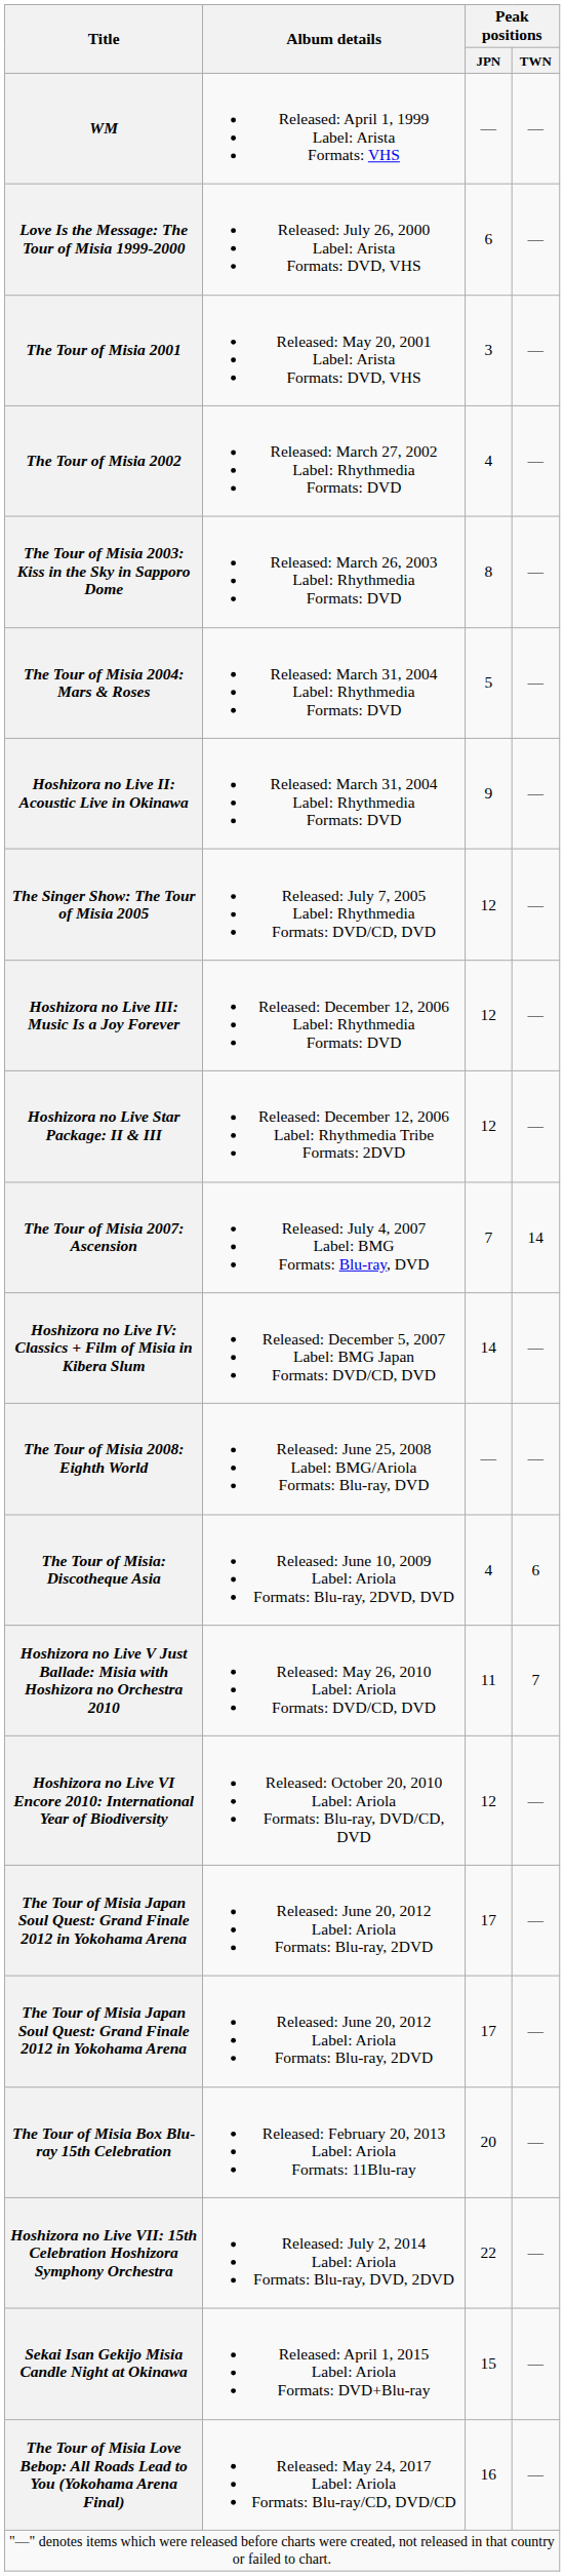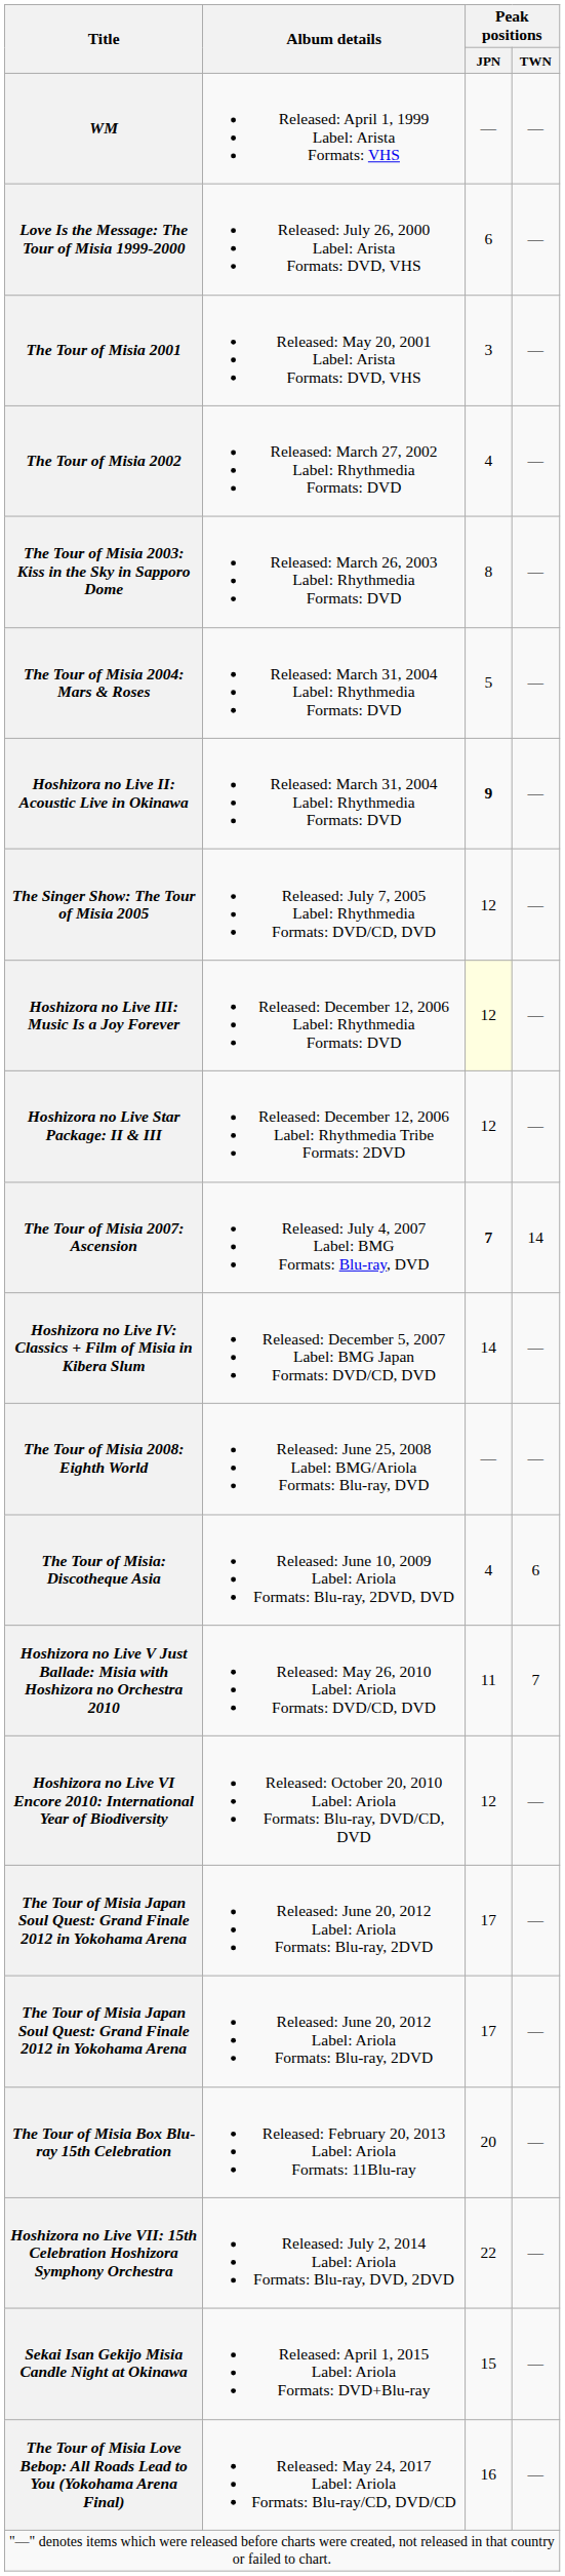 <table class="wikitable plainrowheaders" style="text-align:center;" border="1">
 <tr>
 <th style="width:12em;" rowspan="2">Title</th>
 <th style="width:16em;" rowspan="2">Album details</th>
 <th colspan="2">Peak positions</th>
 </tr>
 <tr>
 <th style="width:2.5em;"><small>JPN</small><br></th>
 <th style="width:2.5em;"><small>TWN</small><br></th>
 </tr>
 <tr>
 <th scope="row"><em>WM</em></th>
 <td><br><ul><li>Released: April 1, 1999</li><li>Label: Arista</li><li>Formats: <a href='#'>VHS</a></li></ul></td>
 <td>—</td>
 <td>—</td>
 </tr>
 <tr>
 <th scope="row"><em>Love Is the Message: The Tour of Misia 1999-2000</em></th>
 <td><br><ul><li>Released: July 26, 2000</li><li>Label: Arista</li><li>Formats: DVD, VHS</li></ul></td>
 <td>6</td>
 <td>—</td>
 </tr>
 <tr>
 <th scope="row"><em>The Tour of Misia 2001</em></th>
 <td><br><ul><li>Released: May 20, 2001</li><li>Label: Arista</li><li>Formats: DVD, VHS</li></ul></td>
 <td>3</td>
 <td>—</td>
 </tr>
 <tr>
 <th scope="row"><em>The Tour of Misia 2002</em></th>
 <td><br><ul><li>Released: March 27, 2002</li><li>Label: Rhythmedia</li><li>Formats: DVD</li></ul></td>
 <td>4</td>
 <td>—</td>
 </tr>
 <tr>
 <th scope="row"><em>The Tour of Misia 2003: Kiss in the Sky in Sapporo Dome</em></th>
 <td><br><ul><li>Released: March 26, 2003</li><li>Label: Rhythmedia</li><li>Formats: DVD</li></ul></td>
 <td>8</td>
 <td>—</td>
 </tr>
 <tr>
 <th scope="row"><em>The Tour of Misia 2004: Mars & Roses</em></th>
 <td><br><ul><li>Released: March 31, 2004</li><li>Label: Rhythmedia</li><li>Formats: DVD</li></ul></td>
 <td>5</td>
 <td>—</td>
 </tr>
 <tr>
 <th scope="row"><em>Hoshizora no Live II: Acoustic Live in Okinawa</em></th>
 <td><br><ul><li>Released: March 31, 2004</li><li>Label: Rhythmedia</li><li>Formats: DVD</li></ul></td>
-<td>9</td>
+<td><strong>9</strong></td>
 <td>—</td>
 </tr>
 <tr>
 <th scope="row"><em>The Singer Show: The Tour of Misia 2005</em></th>
 <td><br><ul><li>Released: July 7, 2005</li><li>Label: Rhythmedia</li><li>Formats: DVD/CD, DVD</li></ul></td>
 <td>12</td>
 <td>—</td>
 </tr>
 <tr>
 <th scope="row"><em>Hoshizora no Live III: Music Is a Joy Forever</em></th>
 <td><br><ul><li>Released: December 12, 2006</li><li>Label: Rhythmedia</li><li>Formats: DVD</li></ul></td>
-<td>12</td>
+<td style="background: lightyellow;">12</td>
 <td>—</td>
 </tr>
 <tr>
 <th scope="row"><em>Hoshizora no Live Star Package: II & III</em></th>
 <td><br><ul><li>Released: December 12, 2006</li><li>Label: Rhythmedia Tribe</li><li>Formats: 2DVD</li></ul></td>
 <td>12</td>
 <td>—</td>
 </tr>
 <tr>
 <th scope="row"><em>The Tour of Misia 2007: Ascension</em></th>
 <td><br><ul><li>Released: July 4, 2007</li><li>Label: BMG</li><li>Formats: <a href='#'>Blu-ray</a>, DVD</li></ul></td>
-<td>7</td>
+<td><strong>7</strong></td>
 <td>14</td>
 </tr>
 <tr>
 <th scope="row"><em>Hoshizora no Live IV: Classics + Film of Misia in Kibera Slum</em></th>
 <td><br><ul><li>Released: December 5, 2007</li><li>Label: BMG Japan</li><li>Formats: DVD/CD, DVD</li></ul></td>
 <td>14</td>
 <td>—</td>
 </tr>
 <tr>
 <th scope="row"><em>The Tour of Misia 2008: Eighth World</em></th>
 <td><br><ul><li>Released: June 25, 2008</li><li>Label: BMG/Ariola</li><li>Formats: Blu-ray, DVD</li></ul></td>
 <td>—</td>
 <td>—</td>
 </tr>
 <tr>
 <th scope="row"><em>The Tour of Misia: Discotheque Asia</em></th>
 <td><br><ul><li>Released: June 10, 2009</li><li>Label: Ariola</li><li>Formats: Blu-ray, 2DVD, DVD</li></ul></td>
 <td>4</td>
 <td>6</td>
 </tr>
 <tr>
 <th scope="row"><em>Hoshizora no Live V Just Ballade: Misia with Hoshizora no Orchestra 2010</em></th>
 <td><br><ul><li>Released: May 26, 2010</li><li>Label: Ariola</li><li>Formats: DVD/CD, DVD</li></ul></td>
 <td>11</td>
 <td>7</td>
 </tr>
 <tr>
 <th scope="row"><em>Hoshizora no Live VI Encore 2010: International Year of Biodiversity</em></th>
 <td><br><ul><li>Released: October 20, 2010</li><li>Label: Ariola</li><li>Formats: Blu-ray, DVD/CD, DVD</li></ul></td>
 <td>12</td>
 <td>—</td>
 </tr>
 <tr>
 <th scope="row"><em>The Tour of Misia Japan Soul Quest: Grand Finale 2012 in Yokohama Arena</em></th>
 <td><br><ul><li>Released: June 20, 2012</li><li>Label: Ariola</li><li>Formats: Blu-ray, 2DVD</li></ul></td>
 <td>17</td>
 <td>—</td>
 </tr>
 <tr>
 <th scope="row"><em>The Tour of Misia Japan Soul Quest: Grand Finale 2012 in Yokohama Arena</em></th>
 <td><br><ul><li>Released: June 20, 2012</li><li>Label: Ariola</li><li>Formats: Blu-ray, 2DVD</li></ul></td>
 <td>17</td>
 <td>—</td>
 </tr>
 <tr>
 <th scope="row"><em>The Tour of Misia Box Blu-ray 15th Celebration</em></th>
 <td><br><ul><li>Released: February 20, 2013</li><li>Label: Ariola</li><li>Formats: 11Blu-ray</li></ul></td>
 <td>20</td>
 <td>—</td>
 </tr>
 <tr>
 <th scope="row"><em>Hoshizora no Live VII: 15th Celebration Hoshizora Symphony Orchestra</em></th>
 <td><br><ul><li>Released: July 2, 2014</li><li>Label: Ariola</li><li>Formats: Blu-ray, DVD, 2DVD</li></ul></td>
 <td>22</td>
 <td>—</td>
 </tr>
 <tr>
 <th scope="row"><em>Sekai Isan Gekijo Misia Candle Night at Okinawa</em></th>
 <td><br><ul><li>Released: April 1, 2015</li><li>Label: Ariola</li><li>Formats: DVD+Blu-ray</li></ul></td>
 <td>15</td>
 <td>—</td>
 </tr>
 <tr>
 <th scope="row"><em>The Tour of Misia Love Bebop: All Roads Lead to You (Yokohama Arena Final)</em></th>
 <td><br><ul><li>Released: May 24, 2017</li><li>Label: Ariola</li><li>Formats: Blu-ray/CD, DVD/CD</li></ul></td>
 <td>16</td>
 <td>—</td>
 </tr>
 <tr>
 <td colspan="24" align="center" style="font-size:90%;">"—" denotes items which were released before charts were created, not released in that country or failed to chart.</td>
 </tr>
 </table>
